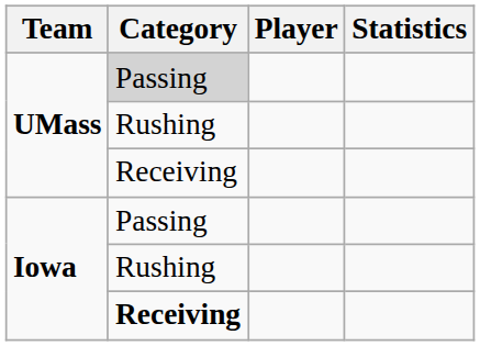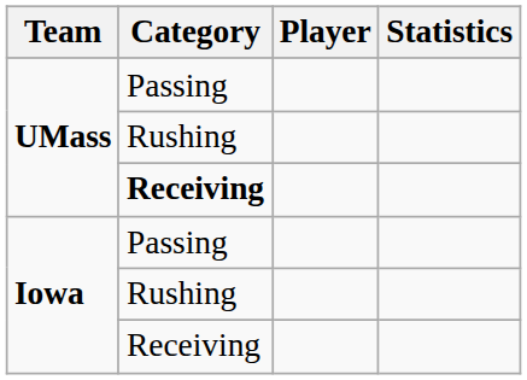 <table class="wikitable" style="float: right;">
 <tr>
 <th>Team</th>
 <th>Category</th>
 <th>Player</th>
 <th>Statistics</th>
 </tr>
 <tr>
 <td rowspan=3><strong>UMass</strong></td>
-<td style="background: lightgrey;">Passing</td>
+<td>Passing</td>
 <td></td>
 <td></td>
 </tr>
 <tr>
 <td>Rushing</td>
 <td></td>
 <td></td>
 </tr>
 <tr>
-<td>Receiving</td>
+<td><strong>Receiving</strong></td>
 <td></td>
 <td></td>
 </tr>
 <tr>
 <td rowspan=3><strong>Iowa</strong></td>
 <td>Passing</td>
 <td></td>
 <td></td>
 </tr>
 <tr>
 <td>Rushing</td>
 <td></td>
 <td></td>
 </tr>
 <tr>
-<td><strong>Receiving</strong></td>
+<td>Receiving</td>
 <td></td>
 <td></td>
 </tr>
 </table>
